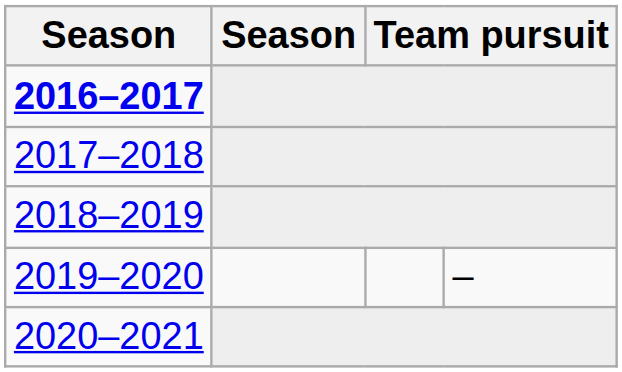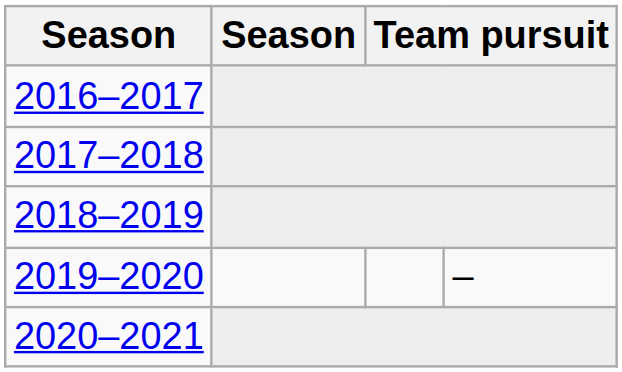 <table class="wikitable" style="display: inline-table">
 <tr>
 <th>Season</th>
 <th>Season</th>
 <th colspan="3">Team pursuit</th>
 </tr>
 <tr>
-<td><strong><a href='#'> 2016–2017</a></strong></td>
+<td><a href='#'> 2016–2017</a></td>
 <td colspan="3" bgcolor=#EEEEEE></td>
 </tr>
 <tr>
 <td><a href='#'> 2017–2018</a></td>
 <td colspan="3" bgcolor=#EEEEEE></td>
 </tr>
 <tr>
 <td><a href='#'> 2018–2019</a></td>
 <td colspan="3" bgcolor=#EEEEEE></td>
 </tr>
 <tr>
 <td><a href='#'> 2019–2020</a></td>
 <td></td>
 <td></td>
 <td>–</td>
 </tr>
 <tr>
 <td><a href='#'> 2020–2021</a></td>
 <td colspan="3" bgcolor=#EEEEEE></td>
 </tr>
 </table>
